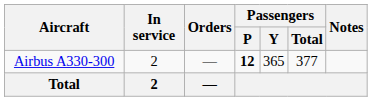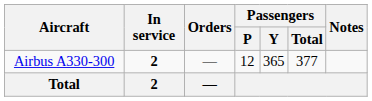 <table class="wikitable" style="margin-left: auto; margin-right: auto; border: none; text-align:center;">
 <tr>
 <th rowspan=2 style="width:125px;">Aircraft</th>
 <th rowspan=2 style="width:60px;">In <br> service</th>
 <th rowspan=2>Orders</th>
 <th colspan=3>Passengers</th>
 <th rowspan=2>Notes</th>
 </tr>
 <tr>
 <th style="width:20px;"><abbr>P</abbr></th>
 <th style="width:20px;"><abbr>Y</abbr></th>
 <th style="width:20px;">Total</th>
 </tr>
 <tr>
 <td><a href='#'>Airbus A330-300</a></td>
-<td>2</td>
+<td><strong>2</strong></td>
 <td>—</td>
-<td><strong>12</strong></td>
+<td>12</td>
 <td>365</td>
 <td>377</td>
 <td></td>
 </tr>
 <tr>
 <th>Total</th>
 <th>2</th>
 <th>—</th>
 <th colspan=4></th>
 </tr>
 </table>
